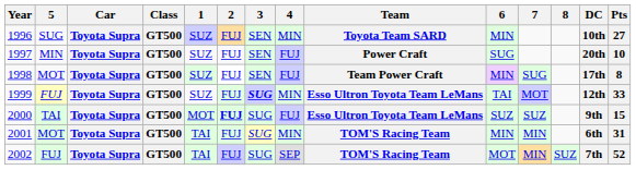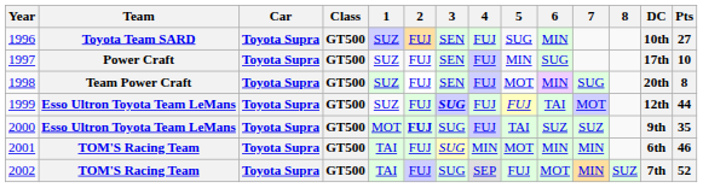 <table class="wikitable" style="text-align:center; font-size:90%">
 <tr>
 <th>Year</th>
-<th>5</th>
+<th>Team</th>
 <th>Car</th>
 <th>Class</th>
 <th>1</th>
 <th>2</th>
 <th>3</th>
 <th>4</th>
-<th>Team</th>
+<th>5</th>
 <th>6</th>
 <th>7</th>
 <th>8</th>
 <th>DC</th>
 <th>Pts</th>
 </tr>
 <tr>
 <td><a href='#'>1996</a></td>
-<td><a href='#'>SUG</a></td>
+<th><a href='#'>Toyota Team SARD</a></th>
 <th><a href='#'>Toyota Supra</a></th>
 <th>GT500</th>
 <td style=background:#CFCFFF><a href='#'>SUZ</a><br></td>
 <td style=background:#FFDF9F><a href='#'>FUJ</a><br></td>
 <td style=background:#DFFFDF><a href='#'>SEN</a><br></td>
-<td style="background:#DFFFDF"><a href='#'>MIN</a><br></td>
-<th><a href='#'>Toyota Team SARD</a></th>
+<td style=background:#DFFFDF><a href='#'>FUJ</a><br></td>
+<td><a href='#'>SUG</a></td>
 <td style=background:#DFFFDF><a href='#'>MIN</a><br></td>
 <td></td>
 <td></td>
 <th>10th</th>
 <th>27</th>
 </tr>
 <tr>
 <td><a href='#'>1997</a></td>
-<td><a href='#'>MIN</a></td>
+<th>Power Craft</th>
 <th><a href='#'>Toyota Supra</a></th>
 <th>GT500</th>
 <td><a href='#'>SUZ</a></td>
 <td><a href='#'>FUJ</a></td>
 <td style="background:#DFFFDF"><a href='#'>SEN</a><br></td>
 <td style="background:#CFCFFF"><a href='#'>FUJ</a><br></td>
-<th>Power Craft</th>
+<td><a href='#'>MIN</a></td>
 <td style="background:#DFFFDF"><a href='#'>SUG</a><br></td>
 <td></td>
 <td></td>
-<th>20th</th>
+<th>17th</th>
 <th>10</th>
 </tr>
 <tr>
 <td><a href='#'>1998</a></td>
-<td><a href='#'>MOT</a></td>
+<th>Team Power Craft</th>
 <th><a href='#'>Toyota Supra</a></th>
 <th>GT500</th>
 <td style=background:#DFFFDF><a href='#'>SUZ</a><br></td>
 <td style=background:#FFFFFF><a href='#'>FUJ</a><br></td>
 <td style=background:#DFFFDF><a href='#'>SEN</a><br></td>
 <td style=background:#CFCFFF><a href='#'>FUJ</a><br></td>
-<th>Team Power Craft</th>
+<td><a href='#'>MOT</a></td>
 <td style=background:#EFCFFF><a href='#'>MIN</a><br></td>
 <td style=background:#DFFFDF><a href='#'>SUG</a><br></td>
 <td></td>
-<th>17th</th>
+<th>20th</th>
 <th>8</th>
 </tr>
 <tr>
 <td><a href='#'>1999</a></td>
-<td style="background:#FFFFBF"><em><a href='#'>FUJ</a></em><br></td>
+<th><a href='#'>Esso Ultron Toyota Team LeMans</a></th>
 <th><a href='#'>Toyota Supra</a></th>
 <th>GT500</th>
 <td><a href='#'>SUZ</a></td>
 <td style="background:#DFFFDF"><a href='#'>FUJ</a><br></td>
 <td style="background:#CFCFFF"><strong><em><a href='#'>SUG</a></em></strong><br></td>
-<td style="background:#DFFFDF"><a href='#'>MIN</a><br></td>
-<th><a href='#'>Esso Ultron Toyota Team LeMans</a></th>
+<td style=background:#DFFFDF><a href='#'>FUJ</a><br></td>
+<td style="background:#FFFFBF"><em><a href='#'>FUJ</a></em><br></td>
 <td style="background:#DFFFDF"><a href='#'>TAI</a><br></td>
 <td style="background:#CFCFFF"><a href='#'>MOT</a><br></td>
 <td></td>
 <th>12th</th>
-<th>33</th>
+<th>44</th>
 </tr>
 <tr>
 <td><a href='#'>2000</a></td>
-<td style=background:#DFFFDF><a href='#'>TAI</a><br></td>
+<th><a href='#'>Esso Ultron Toyota Team LeMans</a></th>
 <th><a href='#'>Toyota Supra</a></th>
 <th>GT500</th>
 <td style=background:#DFFFDF><a href='#'>MOT</a><br></td>
 <td style=background:#DFFFDF><strong><a href='#'>FUJ</a><br></strong></td>
 <td style=background:#DFFFDF><a href='#'>SUG</a><br></td>
 <td style=background:#CFCFFF><a href='#'>FUJ</a><br></td>
-<th><a href='#'>Esso Ultron Toyota Team LeMans</a></th>
+<td style=background:#DFFFDF><a href='#'>TAI</a><br></td>
 <td style=background:#DFFFDF><a href='#'>SUZ</a><br></td>
 <td style=background:#DFFFDF><a href='#'>SUZ</a><br></td>
 <td></td>
 <th>9th</th>
-<th>15</th>
+<th>35</th>
 </tr>
 <tr>
 <td><a href='#'>2001</a></td>
-<td style=background:#DFFFDF><a href='#'>MOT</a><br></td>
+<th><a href='#'>TOM'S Racing Team</a></th>
 <th><a href='#'>Toyota Supra</a></th>
 <th>GT500</th>
 <td style=background:#DFFFDF><a href='#'>TAI</a><br></td>
 <td style=background:#DFFFDF><a href='#'>FUJ</a><br></td>
 <td style=background:#FFFFBF><em><a href='#'>SUG</a></em><br></td>
 <td style="background:#DFFFDF"><a href='#'>MIN</a><br></td>
-<th><a href='#'>TOM'S Racing Team</a></th>
+<td style=background:#DFFFDF><a href='#'>MOT</a><br></td>
 <td style=background:#DFFFDF><a href='#'>MIN</a><br></td>
 <td style=background:#DFFFDF><a href='#'>MIN</a><br></td>
 <td></td>
 <th>6th</th>
-<th>31</th>
+<th>46</th>
 </tr>
 <tr>
 <td><a href='#'>2002</a></td>
-<td style=background:#DFFFDF><a href='#'>FUJ</a><br></td>
+<th><a href='#'>TOM'S Racing Team</a></th>
 <th><a href='#'>Toyota Supra</a></th>
 <th>GT500</th>
 <td style=background:#DFFFDF><a href='#'>TAI</a><br></td>
 <td style=background:#CFCFFF><a href='#'>FUJ</a><br></td>
 <td style=background:#DFFFDF><a href='#'>SUG</a><br></td>
 <td style=background:#DFDFDF><a href='#'>SEP</a><br></td>
-<th><a href='#'>TOM'S Racing Team</a></th>
+<td style=background:#DFFFDF><a href='#'>FUJ</a><br></td>
 <td style=background:#DFFFDF><a href='#'>MOT</a><br></td>
 <td style=background:#FFDF9F><a href='#'>MIN</a><br></td>
 <td style=background:#DFFFDF><a href='#'>SUZ</a><br></td>
 <th>7th</th>
 <th>52</th>
 </tr>
 </table>
